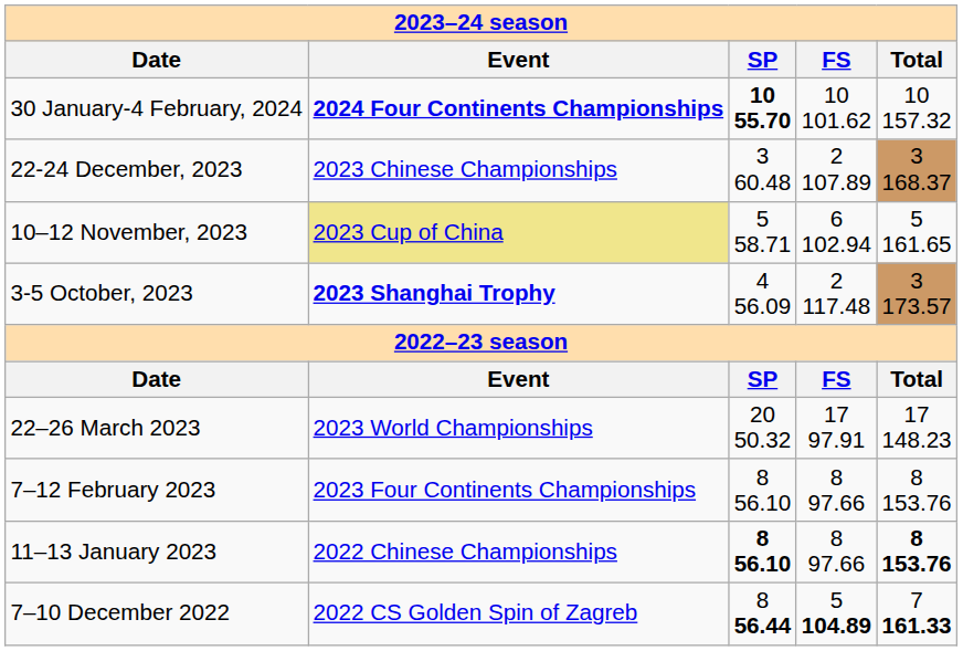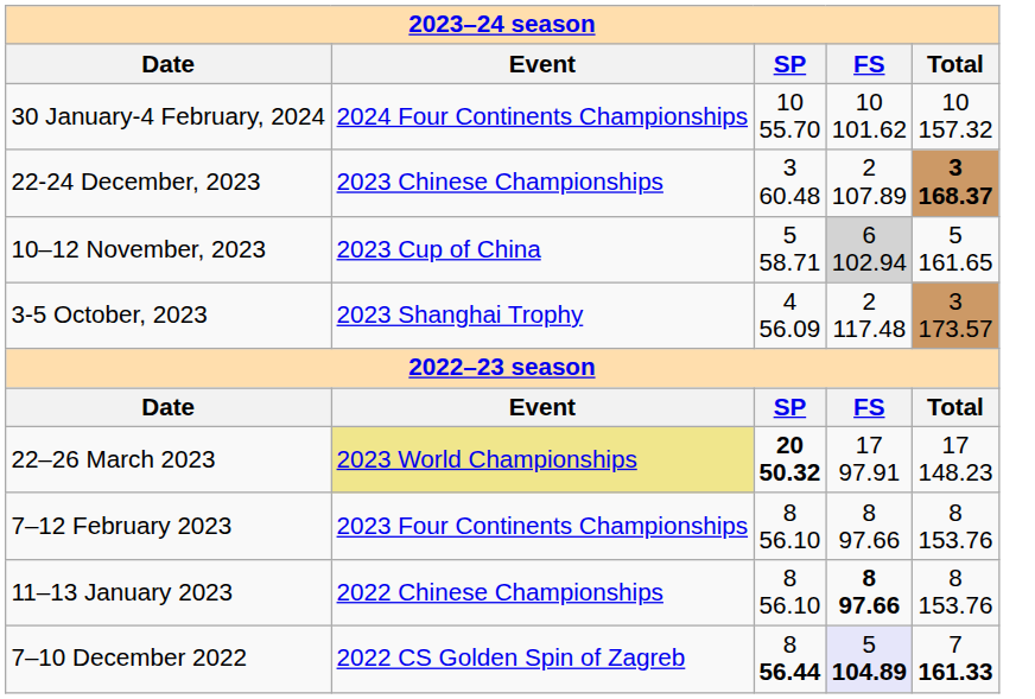 <table class="wikitable">
 <tr>
 <td style="background-color: #ffdead; " colspan=5 align=center><a href='#'><strong>2023–24 season</strong></a></td>
 </tr>
 <tr>
 <th>Date</th>
 <th>Event</th>
 <th><a href='#'>SP</a></th>
 <th><a href='#'>FS</a></th>
 <th>Total</th>
 </tr>
 <tr>
 <td>30 January-4 February, 2024</td>
-<td><strong><a href='#'>2024 Four Continents Championships</a></strong></td>
-<td align=center><strong>10 <br> 55.70</strong></td>
+<td><a href='#'>2024 Four Continents Championships</a></td>
+<td align=center>10 <br> 55.70</td>
 <td align=center>10 <br> 101.62</td>
 <td align=center>10 <br> 157.32</td>
 </tr>
 <tr>
 <td>22-24 December, 2023</td>
 <td><a href='#'>2023 Chinese Championships</a></td>
 <td align=center>3 <br> 60.48</td>
 <td align=center>2 <br> 107.89</td>
-<td align=center bgcolor=cc9966>3 <br> 168.37</td>
+<td align=center bgcolor=cc9966><strong>3 <br> 168.37</strong></td>
 </tr>
 <tr>
 <td>10–12 November, 2023</td>
-<td style="background: khaki;"><a href='#'>2023 Cup of China</a></td>
+<td><a href='#'>2023 Cup of China</a></td>
 <td align=center>5 <br> 58.71</td>
-<td align=center>6 <br> 102.94</td>
+<td align=center style="background: lightgrey;">6 <br> 102.94</td>
 <td align=center>5 <br> 161.65</td>
 </tr>
 <tr>
 <td>3-5 October, 2023</td>
-<td><strong><a href='#'>2023 Shanghai Trophy</a></strong></td>
+<td><a href='#'>2023 Shanghai Trophy</a></td>
 <td align=center>4 <br> 56.09</td>
 <td align=center>2 <br> 117.48</td>
 <td align=center bgcolor=cc9966>3 <br> 173.57</td>
 </tr>
 <tr>
 <th style="background-color: #ffdead;" colspan=6><a href='#'>2022–23 season</a></th>
 </tr>
 <tr>
 <th>Date</th>
 <th>Event</th>
 <th><a href='#'>SP</a></th>
 <th><a href='#'>FS</a></th>
 <th>Total</th>
 </tr>
 <tr>
 <td>22–26 March 2023</td>
-<td><a href='#'>2023 World Championships</a></td>
-<td align=center>20 <br> 50.32</td>
+<td style="background: khaki;"><a href='#'>2023 World Championships</a></td>
+<td align=center><strong>20 <br> 50.32</strong></td>
 <td align=center>17 <br> 97.91</td>
 <td align=center>17 <br> 148.23</td>
 </tr>
 <tr>
 <td>7–12 February 2023</td>
 <td><a href='#'>2023 Four Continents Championships</a></td>
 <td align=center>8 <br> 56.10</td>
 <td align=center>8 <br> 97.66</td>
 <td align=center>8 <br> 153.76</td>
 </tr>
 <tr>
 <td>11–13 January 2023</td>
 <td><a href='#'>2022 Chinese Championships</a></td>
-<td align=center><strong>8 <br> 56.10</strong></td>
-<td align=center>8 <br> 97.66</td>
-<td align=center><strong>8 <br> 153.76</strong></td>
+<td align=center>8 <br> 56.10</td>
+<td align=center><strong>8 <br> 97.66</strong></td>
+<td align=center>8 <br> 153.76</td>
 </tr>
 <tr>
 <td>7–10 December 2022</td>
 <td><a href='#'>2022 CS Golden Spin of Zagreb</a></td>
 <td align=center>8 <br> <strong>56.44</strong></td>
-<td align=center>5 <br> <strong>104.89</strong></td>
+<td align=center style="background: lavender;">5 <br> <strong>104.89</strong></td>
 <td align=center>7 <br> <strong>161.33</strong></td>
 </tr>
 </table>
